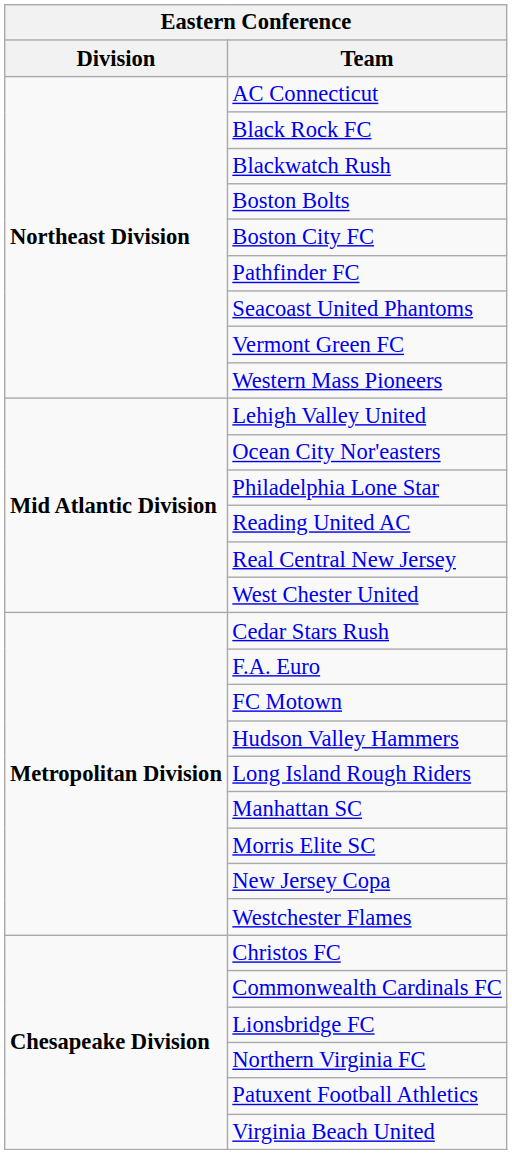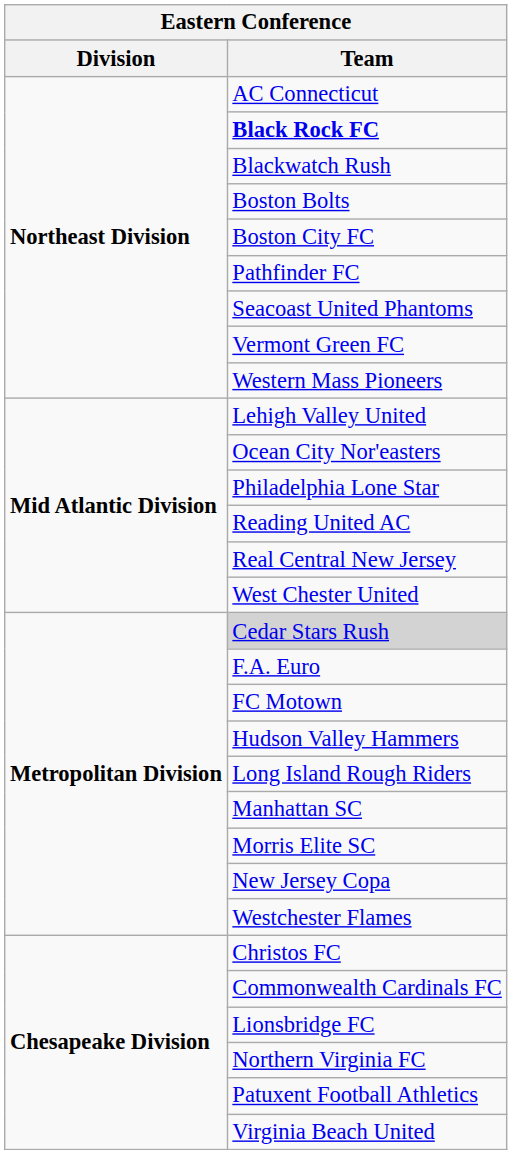 <table class="wikitable" style="text-align:left">
 <tr>
 <th colspan=3>Eastern Conference</th>
 </tr>
 <tr>
 <th>Division</th>
 <th>Team</th>
 </tr>
 <tr>
 <td rowspan=9><strong>Northeast Division</strong></td>
 <td><a href='#'>AC Connecticut</a></td>
 </tr>
 <tr>
-<td><a href='#'>Black Rock FC</a></td>
+<td><strong><a href='#'>Black Rock FC</a></strong></td>
 </tr>
 <tr>
 <td><a href='#'>Blackwatch Rush</a></td>
 </tr>
 <tr>
 <td><a href='#'>Boston Bolts</a></td>
 </tr>
 <tr>
 <td><a href='#'>Boston City FC</a></td>
 </tr>
 <tr>
 <td><a href='#'>Pathfinder FC</a></td>
 </tr>
 <tr>
 <td><a href='#'>Seacoast United Phantoms</a></td>
 </tr>
 <tr>
 <td><a href='#'>Vermont Green FC</a></td>
 </tr>
 <tr>
 <td><a href='#'>Western Mass Pioneers</a></td>
 </tr>
 <tr>
 <td rowspan=6><strong>Mid Atlantic Division</strong></td>
 <td><a href='#'>Lehigh Valley United</a></td>
 </tr>
 <tr>
 <td><a href='#'>Ocean City Nor'easters</a></td>
 </tr>
 <tr>
 <td><a href='#'>Philadelphia Lone Star</a></td>
 </tr>
 <tr>
 <td><a href='#'>Reading United AC</a></td>
 </tr>
 <tr>
 <td><a href='#'>Real Central New Jersey</a></td>
 </tr>
 <tr>
 <td><a href='#'>West Chester United</a></td>
 </tr>
 <tr>
 <td rowspan=9><strong>Metropolitan Division</strong></td>
-<td><a href='#'>Cedar Stars Rush</a></td>
+<td style="background: lightgrey;"><a href='#'>Cedar Stars Rush</a></td>
 </tr>
 <tr>
 <td><a href='#'>F.A. Euro</a></td>
 </tr>
 <tr>
 <td><a href='#'>FC Motown</a></td>
 </tr>
 <tr>
 <td><a href='#'>Hudson Valley Hammers</a></td>
 </tr>
 <tr>
 <td><a href='#'>Long Island Rough Riders</a></td>
 </tr>
 <tr>
 <td><a href='#'>Manhattan SC</a></td>
 </tr>
 <tr>
 <td><a href='#'>Morris Elite SC</a></td>
 </tr>
 <tr>
 <td><a href='#'>New Jersey Copa</a></td>
 </tr>
 <tr>
 <td><a href='#'>Westchester Flames</a></td>
 </tr>
 <tr>
 <td rowspan=6><strong>Chesapeake Division</strong></td>
 <td><a href='#'>Christos FC</a></td>
 </tr>
 <tr>
 <td><a href='#'>Commonwealth Cardinals FC</a></td>
 </tr>
 <tr>
 <td><a href='#'>Lionsbridge FC</a></td>
 </tr>
 <tr>
 <td><a href='#'>Northern Virginia FC</a></td>
 </tr>
 <tr>
 <td><a href='#'>Patuxent Football Athletics</a></td>
 </tr>
 <tr>
 <td><a href='#'>Virginia Beach United</a></td>
 </tr>
 <tr>
 </tr>
 </table>
